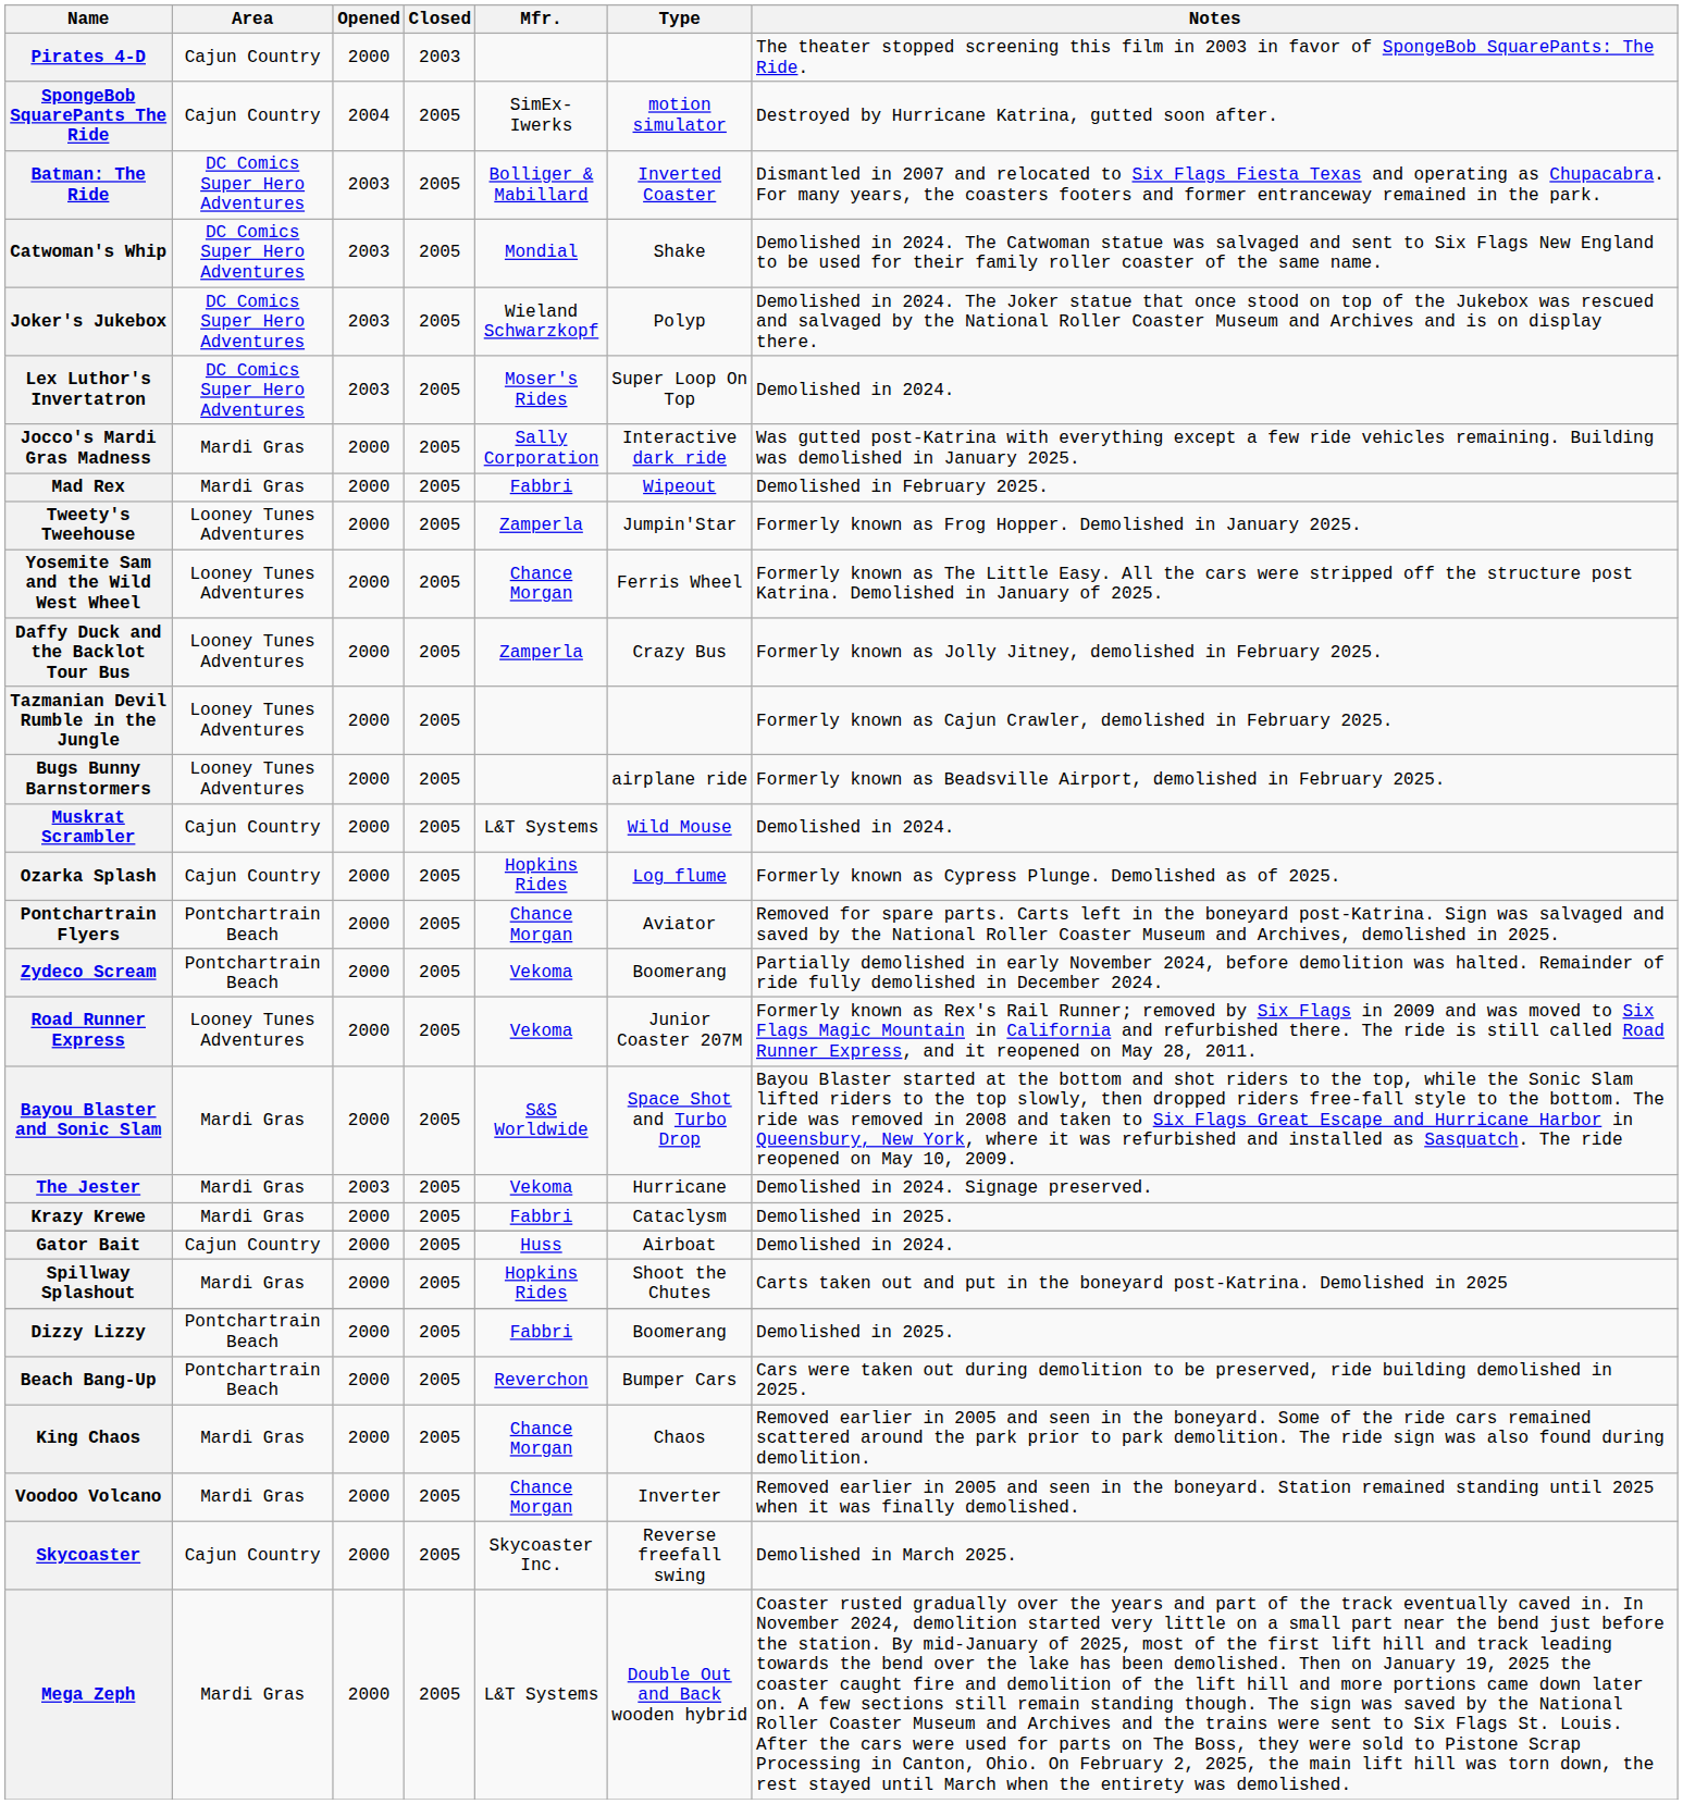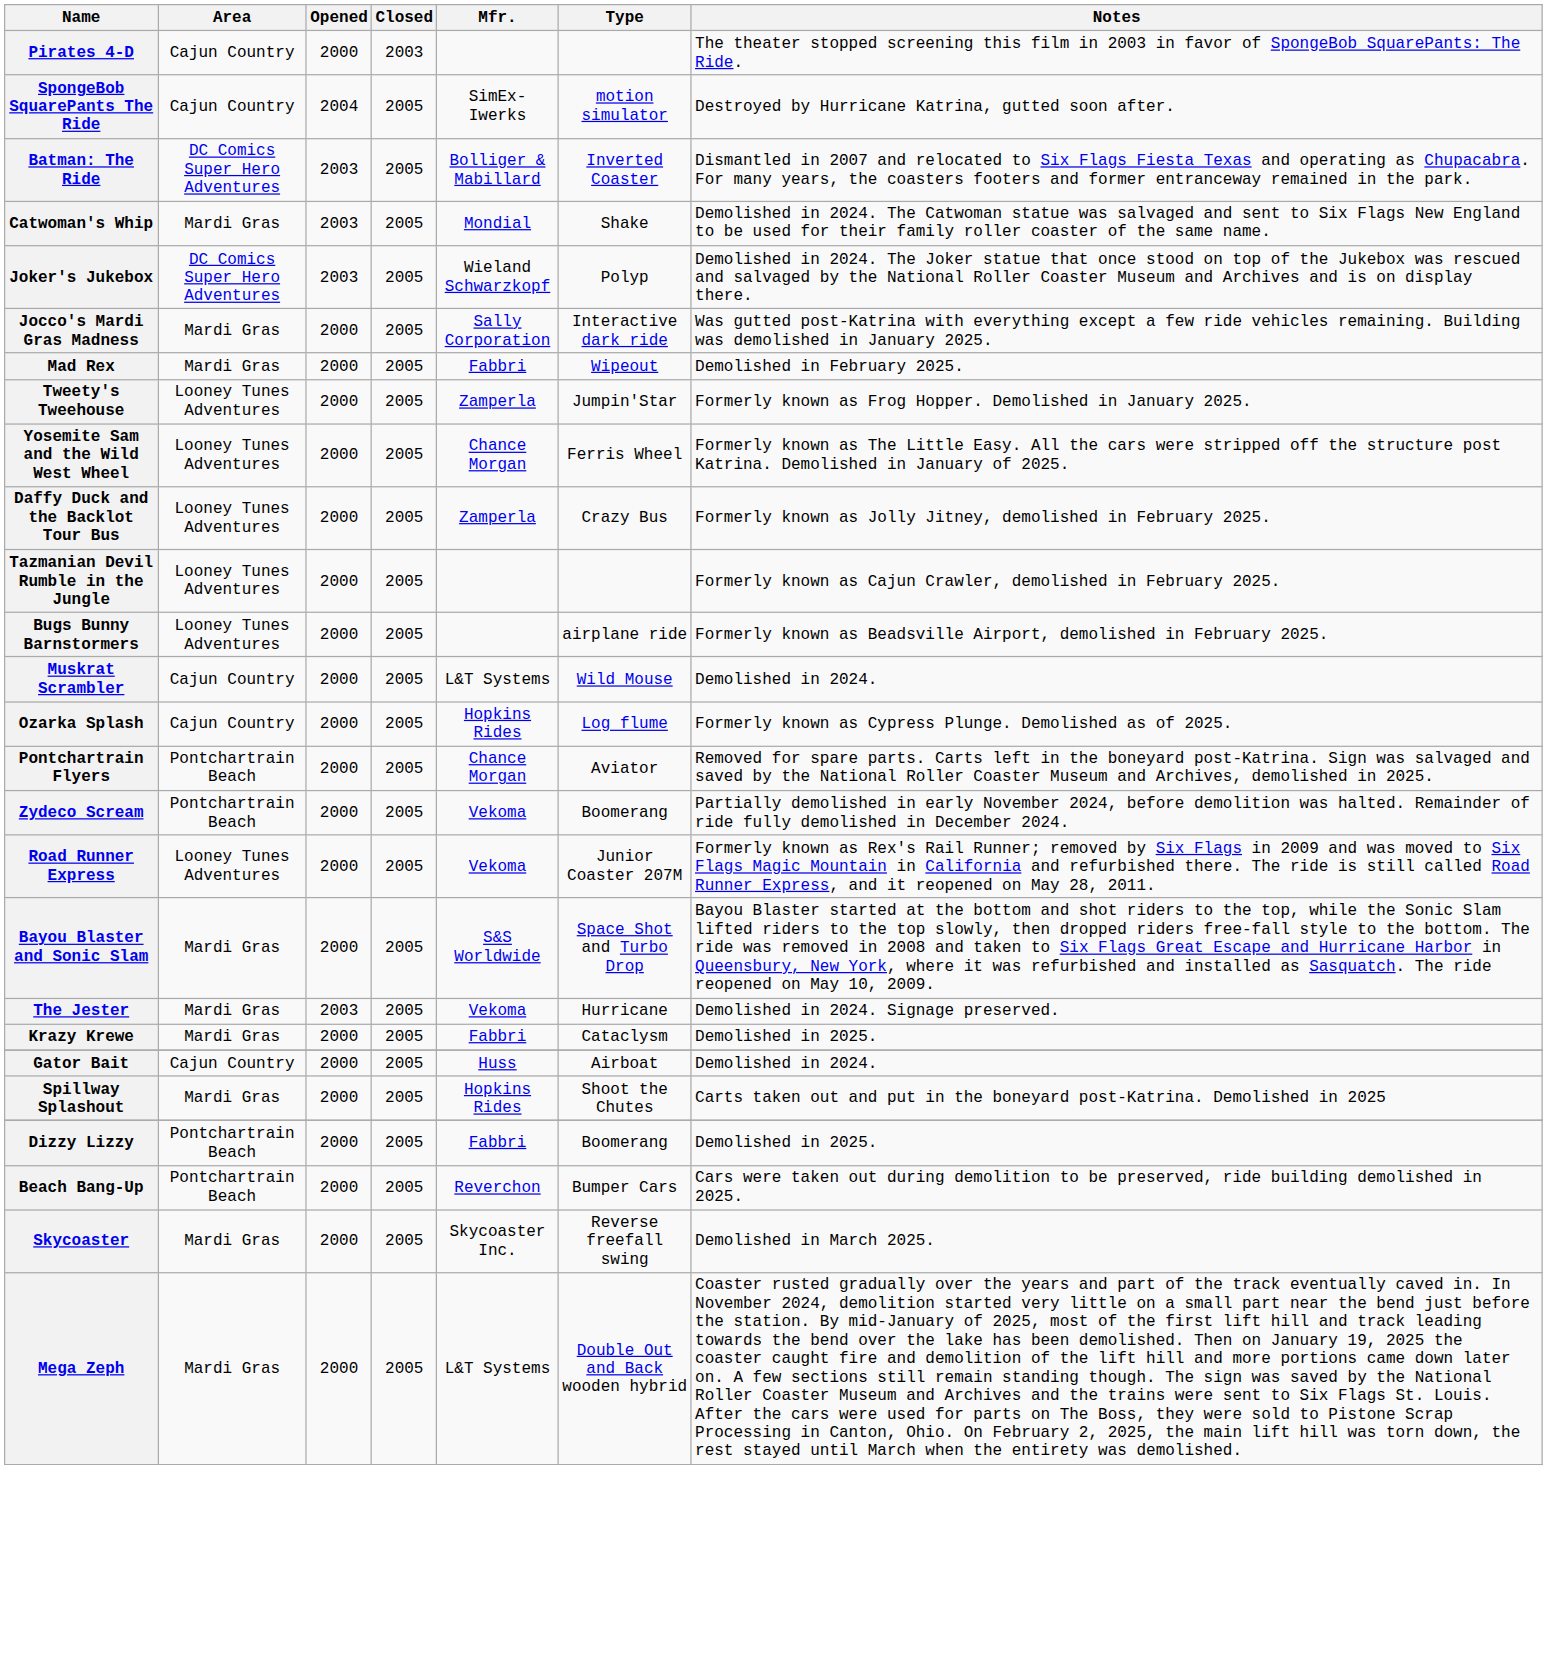 <table class="wikitable sortable" style="text-align:center;font-size:100%;">
 <tr>
 <th>Name</th>
 <th>Area</th>
 <th>Opened</th>
 <th>Closed</th>
 <th>Mfr.</th>
 <th>Type</th>
 <th class="unsortable">Notes</th>
 </tr>
 <tr>
 <th><a href='#'>Pirates 4-D</a></th>
 <td>Cajun Country</td>
 <td>2000</td>
 <td>2003</td>
 <td></td>
 <td></td>
 <td style="text-align:left;">The theater stopped screening this film in 2003 in favor of <a href='#'>SpongeBob SquarePants: The Ride</a>.</td>
 </tr>
 <tr>
 <th><a href='#'>SpongeBob SquarePants The Ride</a></th>
 <td>Cajun Country</td>
 <td>2004</td>
 <td>2005</td>
 <td>SimEx-Iwerks</td>
 <td><a href='#'>motion simulator</a></td>
 <td style="text-align:left;">Destroyed by Hurricane Katrina, gutted soon after.</td>
 </tr>
 <tr>
 <th><a href='#'>Batman: The Ride</a></th>
 <td><a href='#'>DC Comics Super Hero Adventures</a></td>
 <td>2003</td>
 <td>2005</td>
 <td><a href='#'>Bolliger & Mabillard</a></td>
 <td><a href='#'>Inverted Coaster</a></td>
 <td style="text-align:left;">Dismantled in 2007 and relocated to <a href='#'>Six Flags Fiesta Texas</a> and operating as <a href='#'>Chupacabra</a>. For many years, the coasters footers and former entranceway remained in the park.</td>
 </tr>
 <tr>
 <th>Catwoman's Whip</th>
-<td><a href='#'>DC Comics Super Hero Adventures</a></td>
+<td>Mardi Gras</td>
 <td>2003</td>
 <td>2005</td>
 <td><a href='#'>Mondial</a></td>
 <td>Shake</td>
 <td style="text-align:left;">Demolished in 2024. The Catwoman statue was salvaged and sent to Six Flags New England to be used for their family roller coaster of the same name.</td>
 </tr>
 <tr>
 <th>Joker's Jukebox</th>
 <td><a href='#'>DC Comics Super Hero Adventures</a></td>
 <td>2003</td>
 <td>2005</td>
 <td>Wieland <a href='#'>Schwarzkopf</a></td>
 <td>Polyp</td>
 <td style="text-align:left;">Demolished in 2024. The Joker statue that once stood on top of the Jukebox was rescued and salvaged by the National Roller Coaster Museum and Archives and is on display there.</td>
-</tr>
-<tr>
-<th>Lex Luthor's Invertatron</th>
-<td><a href='#'>DC Comics Super Hero Adventures</a></td>
-<td>2003</td>
-<td>2005</td>
-<td><a href='#'>Moser's Rides</a></td>
-<td>Super Loop On Top</td>
-<td style="text-align:left;">Demolished in 2024.</td>
 </tr>
 <tr>
 <th>Jocco's Mardi Gras Madness</th>
 <td>Mardi Gras</td>
 <td>2000</td>
 <td>2005</td>
 <td><a href='#'>Sally Corporation</a></td>
 <td>Interactive <a href='#'>dark ride</a></td>
 <td style="text-align:left;">Was gutted post-Katrina with everything except a few ride vehicles remaining. Building was demolished in January 2025.</td>
 </tr>
 <tr>
 <th>Mad Rex</th>
 <td>Mardi Gras</td>
 <td>2000</td>
 <td>2005</td>
 <td><a href='#'>Fabbri</a></td>
 <td><a href='#'>Wipeout</a></td>
 <td style="text-align:left;">Demolished in February 2025.</td>
 </tr>
 <tr>
 <th>Tweety's Tweehouse</th>
 <td>Looney Tunes Adventures</td>
 <td>2000</td>
 <td>2005</td>
 <td><a href='#'>Zamperla</a></td>
 <td>Jumpin'Star</td>
 <td style ="text-align:left;">Formerly known as Frog Hopper. Demolished in January 2025.</td>
 </tr>
 <tr>
 <th>Yosemite Sam and the Wild West Wheel</th>
 <td>Looney Tunes Adventures</td>
 <td>2000</td>
 <td>2005</td>
 <td><a href='#'>Chance Morgan</a></td>
 <td>Ferris Wheel</td>
 <td style="text-align:left;">Formerly known as The Little Easy. All the cars were stripped off the structure post Katrina. Demolished in January of 2025.</td>
 </tr>
 <tr>
 <th>Daffy Duck and the Backlot Tour Bus</th>
 <td>Looney Tunes Adventures</td>
 <td>2000</td>
 <td>2005</td>
 <td><a href='#'>Zamperla</a></td>
 <td>Crazy Bus</td>
 <td style="text-align:left;">Formerly known as Jolly Jitney, demolished in February 2025.</td>
 </tr>
 <tr>
 <th>Tazmanian Devil Rumble in the Jungle</th>
 <td>Looney Tunes Adventures</td>
 <td>2000</td>
 <td>2005</td>
 <td></td>
 <td></td>
 <td style="text-align:left;">Formerly known as Cajun Crawler, demolished in February 2025.</td>
 </tr>
 <tr>
 <th>Bugs Bunny Barnstormers</th>
 <td>Looney Tunes Adventures</td>
 <td>2000</td>
 <td>2005</td>
 <td></td>
 <td>airplane ride</td>
 <td style="text-align:left;">Formerly known as Beadsville Airport, demolished in February 2025.</td>
 </tr>
 <tr>
 <th><a href='#'>Muskrat Scrambler</a></th>
 <td>Cajun Country</td>
 <td>2000</td>
 <td>2005</td>
 <td>L&T Systems</td>
 <td><a href='#'>Wild Mouse</a></td>
 <td style="text-align:left;">Demolished in 2024.</td>
 </tr>
 <tr>
 <th>Ozarka Splash</th>
 <td>Cajun Country</td>
 <td>2000</td>
 <td>2005</td>
 <td><a href='#'>Hopkins Rides</a></td>
 <td><a href='#'>Log flume</a></td>
 <td style="text-align:left;">Formerly known as Cypress Plunge. Demolished as of 2025.</td>
 </tr>
 <tr>
 <th>Pontchartrain Flyers</th>
 <td>Pontchartrain Beach</td>
 <td>2000</td>
 <td>2005</td>
 <td><a href='#'>Chance Morgan</a></td>
 <td>Aviator</td>
 <td style="text-align:left;">Removed for spare parts. Carts left in the boneyard post-Katrina. Sign was salvaged and saved by the National Roller Coaster Museum and Archives, demolished in 2025.</td>
 </tr>
 <tr>
 <th><a href='#'>Zydeco Scream</a></th>
 <td>Pontchartrain Beach</td>
 <td>2000</td>
 <td>2005</td>
 <td><a href='#'>Vekoma</a></td>
 <td>Boomerang</td>
 <td style="text-align:left;">Partially demolished in early November 2024, before demolition was halted. Remainder of ride fully demolished in December 2024.</td>
 </tr>
 <tr>
 <th><a href='#'>Road Runner Express</a></th>
 <td>Looney Tunes Adventures</td>
 <td>2000</td>
 <td>2005</td>
 <td><a href='#'>Vekoma</a></td>
 <td>Junior Coaster 207M</td>
 <td style="text-align:left;">Formerly known as Rex's Rail Runner; removed by <a href='#'>Six Flags</a> in 2009 and was moved to <a href='#'>Six Flags Magic Mountain</a> in <a href='#'>California</a> and refurbished there. The ride is still called <a href='#'>Road Runner Express</a>, and it reopened on May 28, 2011.</td>
 </tr>
 <tr>
 <th><a href='#'>Bayou Blaster and Sonic Slam</a></th>
 <td>Mardi Gras</td>
 <td>2000</td>
 <td>2005</td>
 <td><a href='#'>S&S Worldwide</a></td>
 <td><a href='#'>Space Shot</a> and <a href='#'>Turbo Drop</a></td>
 <td style="text-align:left;">Bayou Blaster started at the bottom and shot riders to the top, while the Sonic Slam lifted riders to the top slowly, then dropped riders free-fall style to the bottom. The ride was removed in 2008 and taken to <a href='#'>Six Flags Great Escape and Hurricane Harbor</a> in <a href='#'>Queensbury, New York</a>, where it was refurbished and installed as <a href='#'>Sasquatch</a>. The ride reopened on May 10, 2009.</td>
 </tr>
 <tr>
 <th><a href='#'>The Jester</a></th>
 <td>Mardi Gras</td>
 <td>2003</td>
 <td>2005</td>
 <td><a href='#'>Vekoma</a></td>
 <td>Hurricane</td>
 <td style="text-align:left;">Demolished in 2024. Signage preserved.</td>
 </tr>
 <tr>
 <th>Krazy Krewe</th>
 <td>Mardi Gras</td>
 <td>2000</td>
 <td>2005</td>
 <td><a href='#'>Fabbri</a></td>
 <td>Cataclysm</td>
 <td style="text-align:left;">Demolished in 2025.</td>
 </tr>
 <tr>
 </tr>
 <tr>
 <th>Gator Bait</th>
 <td>Cajun Country</td>
 <td>2000</td>
 <td>2005</td>
 <td><a href='#'>Huss</a></td>
 <td>Airboat</td>
 <td style="text-align:left;">Demolished in 2024.</td>
 </tr>
 <tr>
 <th>Spillway Splashout</th>
 <td>Mardi Gras</td>
 <td>2000</td>
 <td>2005</td>
 <td><a href='#'>Hopkins Rides</a></td>
 <td>Shoot the Chutes</td>
 <td style="text-align:left;">Carts taken out and put in the boneyard post-Katrina. Demolished in 2025</td>
 </tr>
 <tr |}>
 </tr>
 <tr>
 <th>Dizzy Lizzy</th>
 <td>Pontchartrain Beach</td>
 <td>2000</td>
 <td>2005</td>
 <td><a href='#'>Fabbri</a></td>
 <td>Boomerang</td>
 <td style="text-align:left;”">Demolished in 2025.</td>
 </tr>
 <tr>
 <th>Beach Bang-Up</th>
 <td>Pontchartrain Beach</td>
 <td>2000</td>
 <td>2005</td>
 <td><a href='#'>Reverchon</a></td>
 <td>Bumper Cars</td>
 <td style="text-align:left;”">Cars were taken out during demolition to be preserved, ride building demolished in 2025.</td>
 </tr>
 <tr>
-<th>King Chaos</th>
+<th><a href='#'>Skycoaster</a></th>
 <td>Mardi Gras</td>
-<td>2000</td>
-<td>2005</td>
-<td><a href='#'>Chance Morgan</a></td>
-<td>Chaos</td>
-<td style="text-align:left;">Removed earlier in 2005 and seen in the boneyard. Some of the ride cars remained scattered around the park prior to park demolition. The ride sign was also found during demolition.</td>
-</tr>
-<tr>
-<th>Voodoo Volcano</th>
-<td>Mardi Gras</td>
-<td>2000</td>
-<td>2005</td>
-<td><a href='#'>Chance Morgan</a></td>
-<td>Inverter</td>
-<td style="text-align:left;">Removed earlier in 2005 and seen in the boneyard. Station remained standing until 2025 when it was finally demolished.</td>
-</tr>
-<tr>
-<th><a href='#'>Skycoaster</a></th>
-<td>Cajun Country</td>
 <td>2000</td>
 <td>2005</td>
 <td>Skycoaster Inc.</td>
 <td>Reverse freefall swing</td>
 <td style="text-align:left;">Demolished in March 2025.</td>
 </tr>
 <tr>
 <th><a href='#'>Mega Zeph</a></th>
 <td>Mardi Gras</td>
 <td>2000</td>
 <td>2005</td>
 <td>L&T Systems</td>
 <td><a href='#'>Double Out and Back</a> wooden hybrid</td>
 <td style="text-align:left;">Coaster rusted gradually over the years and part of the track eventually caved in. In November 2024, demolition started very little on a small part near the bend just before the station. By mid-January of 2025, most of the first lift hill and track leading towards the bend over the lake has been demolished. Then on January 19, 2025 the coaster caught fire and demolition of the lift hill and more portions came down later on. A few sections still remain standing though. The sign was saved by the National Roller Coaster Museum and Archives and the trains were sent to Six Flags St. Louis. After the cars were used for parts on The Boss, they were sold to Pistone Scrap Processing in Canton, Ohio. On February 2, 2025, the main lift hill was torn down, the rest stayed until March when the entirety was demolished.</td>
 </tr>
 </table>
